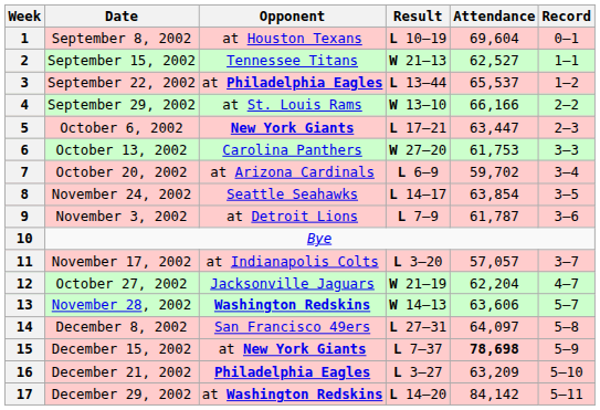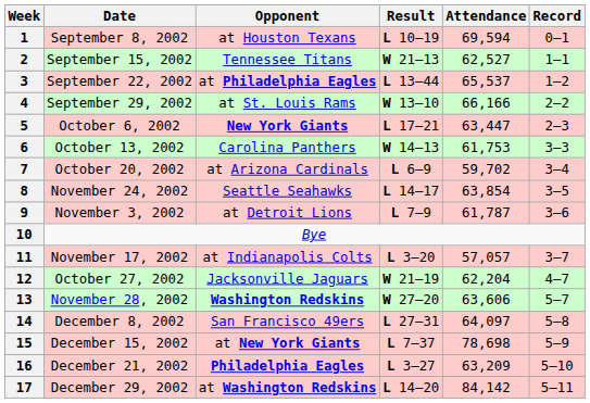 <table class="wikitable" style="text-align:center">
 <tr>
 <th>Week</th>
 <th>Date</th>
 <th>Opponent</th>
 <th>Result</th>
 <th>Attendance</th>
 <th>Record</th>
 </tr>
 <tr style="background: #fcc">
 <th>1</th>
 <td>September 8, 2002</td>
 <td>at <a href='#'>Houston Texans</a></td>
 <td><strong>L</strong> 10–19</td>
-<td>69,604</td>
+<td>69,594</td>
 <td>0–1</td>
 </tr>
 <tr style="background: #cfc">
 <th>2</th>
 <td>September 15, 2002</td>
 <td><a href='#'>Tennessee Titans</a></td>
 <td><strong>W</strong> 21–13</td>
 <td>62,527</td>
 <td>1–1</td>
 </tr>
 <tr style="background: #fcc">
 <th>3</th>
 <td>September 22, 2002</td>
 <td>at <strong><a href='#'>Philadelphia Eagles</a></strong></td>
 <td><strong>L</strong> 13–44</td>
 <td>65,537</td>
 <td>1–2</td>
 </tr>
 <tr style="background: #cfc">
 <th>4</th>
 <td>September 29, 2002</td>
 <td>at <a href='#'>St. Louis Rams</a></td>
 <td><strong>W</strong> 13–10</td>
 <td>66,166</td>
 <td>2–2</td>
 </tr>
 <tr style="background: #fcc">
 <th>5</th>
 <td>October 6, 2002</td>
 <td><strong><a href='#'>New York Giants</a></strong></td>
 <td><strong>L</strong> 17–21</td>
 <td>63,447</td>
 <td>2–3</td>
 </tr>
 <tr style="background: #cfc">
 <th>6</th>
 <td>October 13, 2002</td>
 <td><a href='#'>Carolina Panthers</a></td>
-<td><strong>W</strong> 27–20</td>
+<td><strong>W</strong> 14–13</td>
 <td>61,753</td>
 <td>3–3</td>
 </tr>
 <tr style="background: #fcc">
 <th>7</th>
 <td>October 20, 2002</td>
 <td>at <a href='#'>Arizona Cardinals</a></td>
 <td><strong>L</strong> 6–9 </td>
 <td>59,702</td>
 <td>3–4</td>
 </tr>
 <tr style="background: #fcc">
 <th>8</th>
 <td>November 24, 2002</td>
 <td><a href='#'>Seattle Seahawks</a></td>
 <td><strong>L</strong> 14–17</td>
 <td>63,854</td>
 <td>3–5</td>
 </tr>
 <tr style="background: #fcc">
 <th>9</th>
 <td>November 3, 2002</td>
 <td>at <a href='#'>Detroit Lions</a></td>
 <td><strong>L</strong> 7–9</td>
 <td>61,787</td>
 <td>3–6</td>
 </tr>
 <tr>
 <th>10</th>
 <td colspan=6 align="center"><em><a href='#'>Bye</a></em></td>
 </tr>
 <tr style="background: #fcc">
 <th>11</th>
 <td>November 17, 2002</td>
 <td>at <a href='#'>Indianapolis Colts</a></td>
 <td><strong>L</strong> 3–20</td>
 <td>57,057</td>
 <td>3–7</td>
 </tr>
 <tr style="background: #cfc">
 <th>12</th>
 <td>October 27, 2002</td>
 <td><a href='#'>Jacksonville Jaguars</a></td>
 <td><strong>W</strong> 21–19</td>
 <td>62,204</td>
 <td>4–7</td>
 </tr>
 <tr style="background: #cfc">
 <th>13</th>
 <td><a href='#'>November 28</a>, 2002</td>
 <td><strong><a href='#'>Washington Redskins</a></strong></td>
-<td><strong>W</strong> 14–13</td>
+<td><strong>W</strong> 27–20</td>
 <td>63,606</td>
 <td>5–7</td>
 </tr>
 <tr style="background: #fcc">
 <th>14</th>
 <td>December 8, 2002</td>
 <td><a href='#'>San Francisco 49ers</a></td>
 <td><strong>L</strong> 27–31</td>
 <td>64,097</td>
 <td>5–8</td>
 </tr>
 <tr style="background: #fcc">
 <th>15</th>
 <td>December 15, 2002</td>
 <td>at <strong><a href='#'>New York Giants</a></strong></td>
 <td><strong>L</strong> 7–37</td>
-<td><strong>78,698</strong></td>
+<td>78,698</td>
 <td>5–9</td>
 </tr>
 <tr style="background: #fcc">
 <th>16</th>
 <td>December 21, 2002</td>
 <td><strong><a href='#'>Philadelphia Eagles</a></strong></td>
 <td><strong>L</strong> 3–27</td>
 <td>63,209</td>
 <td>5–10</td>
 </tr>
 <tr style="background: #fcc">
 <th>17</th>
 <td>December 29, 2002</td>
 <td>at <strong><a href='#'>Washington Redskins</a></strong></td>
 <td><strong>L</strong> 14–20</td>
 <td>84,142</td>
 <td>5–11</td>
 </tr>
 </table>
